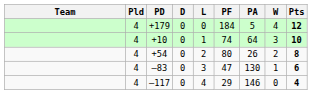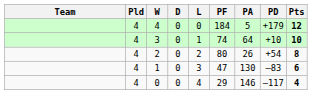 <table class="wikitable" style="text-align:center;">
 <tr>
 <th width=175>Team</th>
 <th width=25 abbr="Played">Pld</th>
-<th width=32 abbr="Points difference">PD</th>
+<th width=25 abbr="Won">W</th>
 <th width=25 abbr="Drawn">D</th>
 <th width=25 abbr="Lost">L</th>
 <th width=32 abbr="Points for">PF</th>
 <th width=32 abbr="Points against">PA</th>
-<th width=25 abbr="Won">W</th>
+<th width=32 abbr="Points difference">PD</th>
 <th width=25 abbr="Points">Pts</th>
 </tr>
 <tr bgcolor=ccffcc>
 <td align=left></td>
 <td>4</td>
-<td>+179</td>
+<td>4</td>
 <td>0</td>
 <td>0</td>
 <td>184</td>
 <td>5</td>
-<td>4</td>
+<td>+179</td>
 <td><strong>12</strong></td>
 </tr>
 <tr bgcolor=ccffcc>
 <td align=left></td>
 <td>4</td>
-<td>+10</td>
+<td>3</td>
 <td>0</td>
 <td>1</td>
 <td>74</td>
 <td>64</td>
-<td>3</td>
+<td>+10</td>
 <td><strong>10</strong></td>
 </tr>
 <tr>
 <td align=left></td>
 <td>4</td>
-<td>+54</td>
+<td>2</td>
 <td>0</td>
 <td>2</td>
 <td>80</td>
 <td>26</td>
-<td>2</td>
+<td>+54</td>
 <td><strong>8</strong></td>
 </tr>
 <tr>
 <td align=left></td>
 <td>4</td>
-<td>–83</td>
+<td>1</td>
 <td>0</td>
 <td>3</td>
 <td>47</td>
 <td>130</td>
-<td>1</td>
+<td>–83</td>
 <td><strong>6</strong></td>
 </tr>
 <tr>
 <td align=left></td>
 <td>4</td>
-<td>–117</td>
+<td>0</td>
 <td>0</td>
 <td>4</td>
 <td>29</td>
 <td>146</td>
-<td>0</td>
+<td>–117</td>
 <td><strong>4</strong></td>
 </tr>
 </table>
